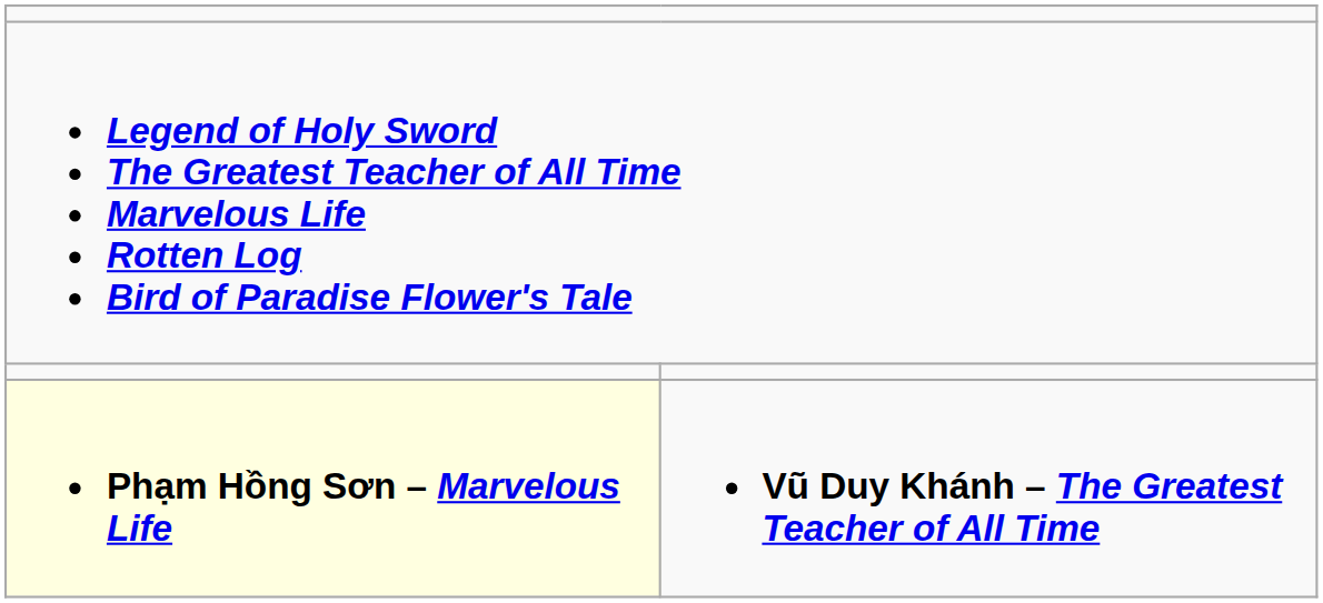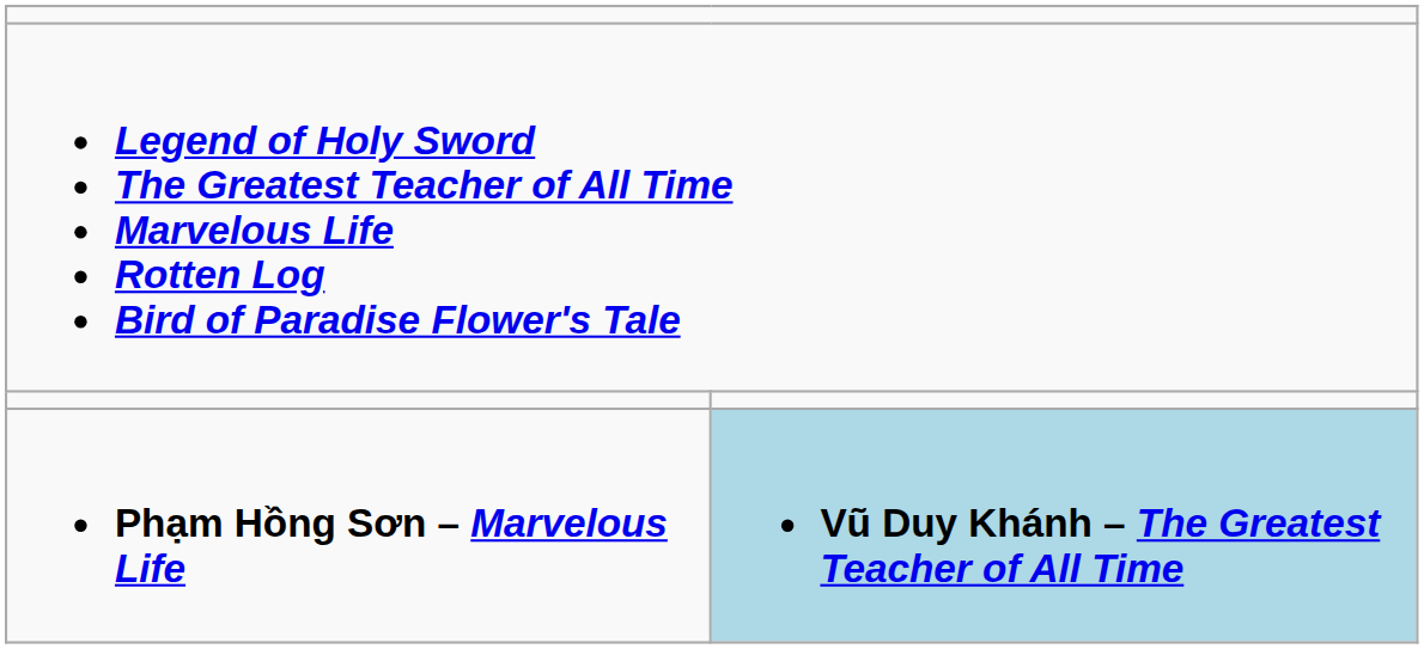 <table class="wikitable" align="center" style="width:91%">
 <tr>
 <td colspan="2" style="vertical-align:top; width:100%;"></td>
 </tr>
 <tr>
 <td colspan="2" valign="top"><br><ul><li><strong><em><span><a href='#'>Legend of Holy Sword</a></span></em></strong></li><li><strong><em><span><a href='#'>The Greatest Teacher of All Time</a></span></em></strong></li><li><strong><em><span><a href='#'>Marvelous Life</a></span></em></strong></li><li><strong><em><span><a href='#'>Rotten Log</a></span></em></strong></li><li><strong><em><span><a href='#'>Bird of Paradise Flower's Tale</a></span></em></strong></li></ul></td>
 </tr>
 <tr>
 <td style="vertical-align:top; width:50%;"></td>
 <td style="vertical-align:top; width:50%;"></td>
 </tr>
 <tr>
-<td valign="top" style="background: lightyellow;"><br><ul><li><strong>Phạm Hồng Sơn – <em><a href='#'>Marvelous Life</a></em> </strong></li></ul></td>
-<td valign="top"><br><ul><li><strong>Vũ Duy Khánh – <em><a href='#'>The Greatest Teacher of All Time</a></em> </strong></li></ul></td>
+<td valign="top"><br><ul><li><strong>Phạm Hồng Sơn – <em><a href='#'>Marvelous Life</a></em> </strong></li></ul></td>
+<td valign="top" style="background: lightblue;"><br><ul><li><strong>Vũ Duy Khánh – <em><a href='#'>The Greatest Teacher of All Time</a></em> </strong></li></ul></td>
 </tr>
 </table>
